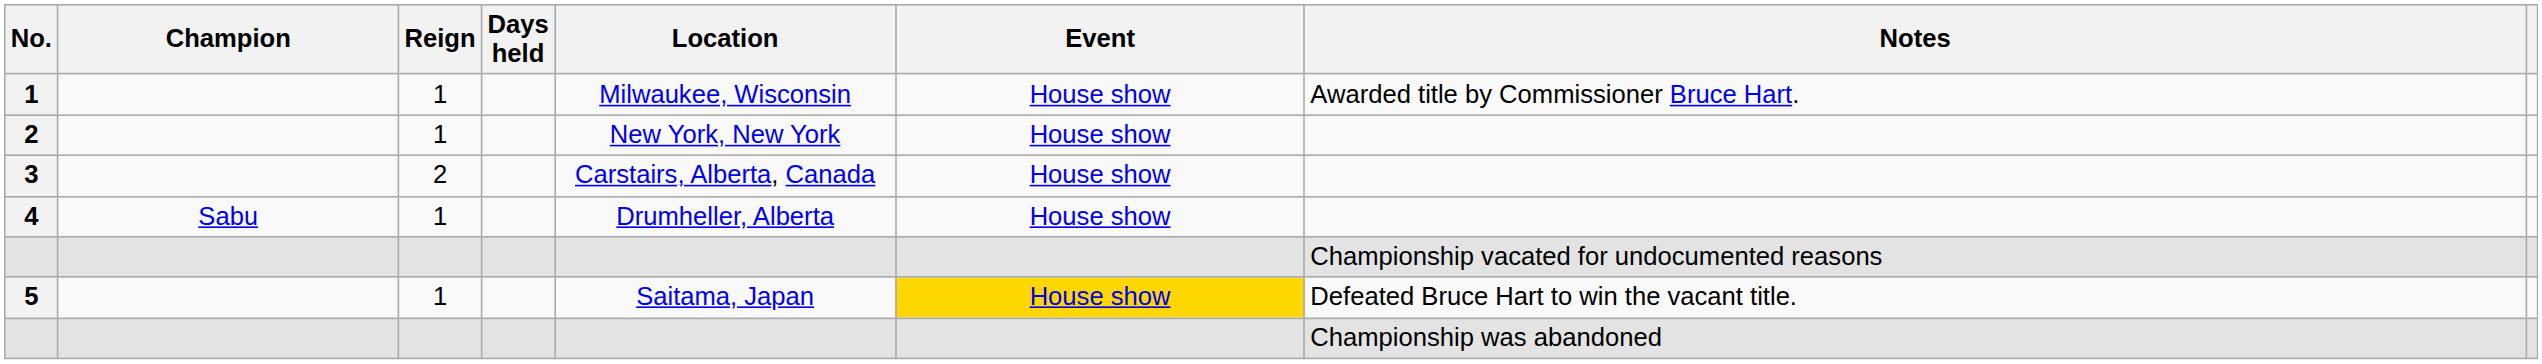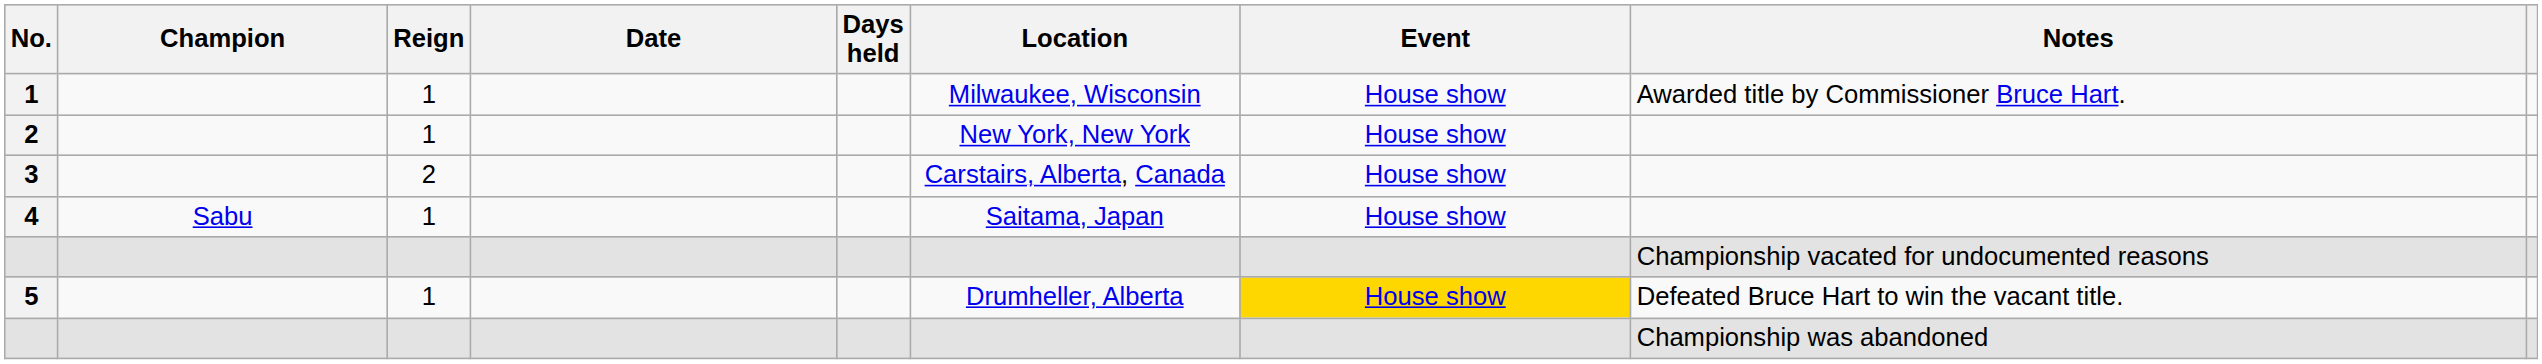 <table class="wikitable sortable" style="text-align: center" width=100%>
 <tr>
 <th width=0 data-sort-type="number" scope="col">No.</th>
 <th width=14% scope="col">Champion</th>
 <th width=0 scope="col">Reign</th>
+<th width=16% scope="col">Date</th>
 <th width=0 data-sort-type="number" scope="col">Days held</th>
 <th width=14% scope="col">Location</th>
 <th width=17% scope="col">Event</th>
 <th width=51% class="unsortable" scope="col">Notes</th>
 <th width=0 class="unsortable" scope="col"></th>
 </tr>
 <tr>
 <th scope=row>1</th>
 <td></td>
 <td>1</td>
 <td></td>
+<td></td>
 <td><a href='#'>Milwaukee, Wisconsin</a></td>
 <td><a href='#'>House show</a></td>
 <td align=left>Awarded title by Commissioner <a href='#'>Bruce Hart</a>.</td>
 <td></td>
 </tr>
 <tr>
 <th scope=row>2</th>
 <td></td>
 <td>1</td>
+<td></td>
 <td></td>
 <td><a href='#'>New York, New York</a></td>
 <td><a href='#'>House show</a></td>
 <td align=left> </td>
 <td></td>
 </tr>
 <tr>
 <th scope=row>3</th>
 <td></td>
 <td>2</td>
 <td></td>
+<td></td>
 <td><a href='#'>Carstairs, Alberta</a>, <a href='#'>Canada</a></td>
 <td><a href='#'>House show</a></td>
 <td align=left> </td>
 <td></td>
 </tr>
 <tr>
 <th scope=row>4</th>
 <td><a href='#'>Sabu</a></td>
 <td>1</td>
 <td></td>
-<td><a href='#'>Drumheller, Alberta</a></td>
+<td></td>
+<td><a href='#'>Saitama, Japan</a></td>
 <td><a href='#'>House show</a></td>
 <td align=left> </td>
 <td></td>
 </tr>
 <tr style="background-color:#e3e3e3">
 <td scope="row"></td>
+<td></td>
 <td></td>
 <td></td>
 <td></td>
 <td></td>
 <td></td>
 <td align=left>Championship vacated for undocumented reasons</td>
 <td></td>
 </tr>
 <tr>
 <th scope=row>5</th>
 <td></td>
 <td>1</td>
 <td></td>
-<td><a href='#'>Saitama, Japan</a></td>
+<td></td>
+<td><a href='#'>Drumheller, Alberta</a></td>
 <td style="background: gold;"><a href='#'>House show</a></td>
 <td align=left>Defeated Bruce Hart to win the vacant title.</td>
 <td></td>
 </tr>
 <tr style="background-color:#e3e3e3">
 <td scope="row"></td>
 <td></td>
 <td></td>
 <td></td>
 <td></td>
 <td></td>
+<td></td>
 <td align=left>Championship was abandoned</td>
 <td></td>
 </tr>
 </table>
